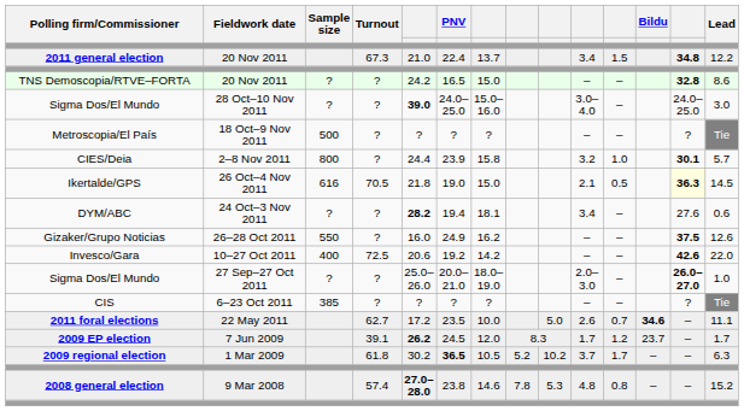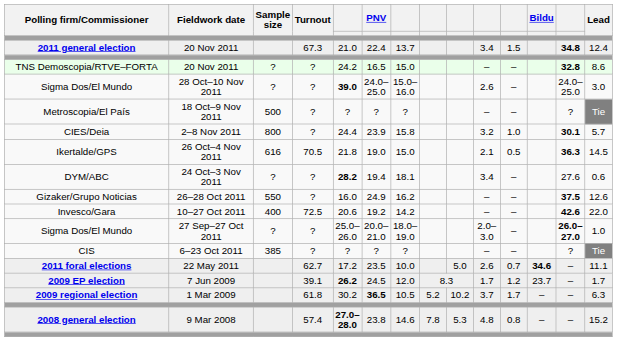 <table class="wikitable collapsible collapsed" style="text-align:center; font-size:95%; line-height:16px;">
 <tr style="height:42px;">
 <th style="width:250px;" rowspan="2">Polling firm/Commissioner</th>
 <th style="width:125px;" rowspan="2">Fieldwork date</th>
 <th style="width:50px;" rowspan="2">Sample size</th>
 <th style="width:45px;" rowspan="2">Turnout</th>
 <th style="width:35px;"></th>
 <th style="width:35px;"><a href='#'>PNV</a></th>
 <th style="width:35px;"></th>
 <th style="width:35px;"></th>
 <th style="width:35px;"></th>
 <th style="width:35px;"></th>
 <th style="width:35px;"></th>
 <th style="width:35px;"><a href='#'>Bildu</a></th>
 <th style="width:35px;"></th>
 <th style="width:30px;" rowspan="2">Lead</th>
 </tr>
 <tr>
 <th style="color:inherit;background:"></th>
 <th style="color:inherit;background:"></th>
 <th style="color:inherit;background:"></th>
 <th style="color:inherit;background:"></th>
 <th style="color:inherit;background:"></th>
 <th style="color:inherit;background:"></th>
 <th style="color:inherit;background:"></th>
 <th style="color:inherit;background:"></th>
 <th style="color:inherit;background:"></th>
 </tr>
 <tr>
 <td colspan="14" style="background:#A0A0A0"></td>
 </tr>
 <tr style="background:#EFEFEF;">
 <td><strong><a href='#'>2011 general election</a></strong></td>
 <td>20 Nov 2011</td>
 <td></td>
 <td>67.3</td>
 <td>21.0<br></td>
 <td>22.4<br></td>
 <td>13.7<br></td>
 <td></td>
 <td></td>
 <td>3.4<br></td>
 <td>1.5<br></td>
 <td></td>
 <td><strong>34.8</strong><br></td>
-<td style="background:">12.2</td>
+<td style="background:">12.4</td>
 </tr>
 <tr>
 <td colspan="14" style="background:#A0A0A0"></td>
 </tr>
 <tr style="background:#EAFFEA;">
 <td>TNS Demoscopia/RTVE–FORTA</td>
 <td>20 Nov 2011</td>
 <td>?</td>
 <td>?</td>
 <td>24.2<br></td>
 <td>16.5<br></td>
 <td>15.0<br></td>
 <td></td>
 <td></td>
 <td>–</td>
 <td>–</td>
 <td></td>
 <td><strong>32.8</strong><br></td>
 <td style="background:">8.6</td>
 </tr>
 <tr>
 <td>Sigma Dos/El Mundo</td>
 <td>28 Oct–10 Nov 2011</td>
 <td>?</td>
 <td>?</td>
 <td><strong>39.0</strong><br></td>
 <td>24.0–<br>25.0<br></td>
 <td>15.0–<br>16.0<br></td>
 <td></td>
 <td></td>
-<td>3.0–<br>4.0<br></td>
+<td>2.6<br></td>
 <td>–</td>
 <td></td>
 <td>24.0–<br>25.0<br></td>
 <td style="background:">3.0</td>
 </tr>
 <tr>
 <td>Metroscopia/El País</td>
 <td>18 Oct–9 Nov 2011</td>
 <td>500</td>
 <td>?</td>
 <td>?<br></td>
 <td>?<br></td>
 <td>?<br></td>
 <td></td>
 <td></td>
 <td>–</td>
 <td>–</td>
 <td></td>
 <td>?<br></td>
 <td style="background:gray; color:white;">Tie</td>
 </tr>
 <tr>
 <td>CIES/Deia</td>
 <td>2–8 Nov 2011</td>
 <td>800</td>
 <td>?</td>
 <td>24.4<br></td>
 <td>23.9<br></td>
 <td>15.8<br></td>
 <td></td>
 <td></td>
 <td>3.2<br></td>
 <td>1.0<br></td>
 <td></td>
 <td><strong>30.1</strong><br></td>
 <td style="background:">5.7</td>
 </tr>
 <tr>
 <td>Ikertalde/GPS</td>
 <td>26 Oct–4 Nov 2011</td>
 <td>616</td>
 <td>70.5</td>
 <td>21.8<br></td>
 <td>19.0<br></td>
 <td>15.0<br></td>
 <td></td>
 <td></td>
 <td>2.1<br></td>
 <td>0.5<br></td>
 <td></td>
-<td style="background: lightyellow;"><strong>36.3</strong><br></td>
+<td><strong>36.3</strong><br></td>
 <td style="background:">14.5</td>
 </tr>
 <tr>
 <td>DYM/ABC</td>
 <td>24 Oct–3 Nov 2011</td>
 <td>?</td>
 <td>?</td>
 <td><strong>28.2</strong><br></td>
 <td>19.4<br></td>
 <td>18.1<br></td>
 <td></td>
 <td></td>
 <td>3.4<br></td>
 <td>–</td>
 <td></td>
 <td>27.6<br></td>
 <td style="background:">0.6</td>
 </tr>
 <tr>
 <td>Gizaker/Grupo Noticias</td>
 <td>26–28 Oct 2011</td>
 <td>550</td>
 <td>?</td>
 <td>16.0<br></td>
 <td>24.9<br></td>
 <td>16.2<br></td>
 <td></td>
 <td></td>
 <td>–</td>
 <td>–</td>
 <td></td>
 <td><strong>37.5</strong><br></td>
 <td style="background:">12.6</td>
 </tr>
 <tr>
 <td>Invesco/Gara</td>
 <td>10–27 Oct 2011</td>
 <td>400</td>
 <td>72.5</td>
 <td>20.6<br></td>
 <td>19.2<br></td>
 <td>14.2<br></td>
 <td></td>
 <td></td>
 <td>–</td>
 <td>–</td>
 <td></td>
 <td><strong>42.6</strong><br></td>
 <td style="background:">22.0</td>
 </tr>
 <tr>
 <td>Sigma Dos/El Mundo</td>
 <td>27 Sep–27 Oct 2011</td>
 <td>?</td>
 <td>?</td>
 <td>25.0–<br>26.0<br></td>
 <td>20.0–<br>21.0<br></td>
 <td>18.0–<br>19.0<br></td>
 <td></td>
 <td></td>
 <td>2.0–<br>3.0<br></td>
 <td>–</td>
 <td></td>
 <td><strong>26.0–<br>27.0</strong><br></td>
 <td style="background:">1.0</td>
 </tr>
 <tr>
 <td>CIS</td>
 <td>6–23 Oct 2011</td>
 <td>385</td>
 <td>?</td>
 <td>?<br></td>
 <td>?<br></td>
 <td>?<br></td>
 <td></td>
 <td></td>
 <td>–</td>
 <td>–</td>
 <td></td>
 <td>?<br></td>
 <td style="background:gray; color:white;">Tie</td>
 </tr>
 <tr style="background:#EFEFEF;">
 <td><strong><a href='#'>2011 foral elections</a></strong></td>
 <td>22 May 2011</td>
 <td></td>
 <td>62.7</td>
 <td>17.2<br></td>
 <td>23.5<br></td>
 <td>10.0<br></td>
 <td></td>
 <td>5.0<br></td>
 <td>2.6<br></td>
 <td>0.7<br></td>
 <td><strong>34.6</strong><br></td>
 <td>–</td>
 <td style="background:">11.1</td>
 </tr>
 <tr style="background:#EFEFEF;">
 <td><strong><a href='#'>2009 EP election</a></strong></td>
 <td>7 Jun 2009</td>
 <td></td>
 <td>39.1</td>
 <td><strong>26.2</strong><br></td>
 <td>24.5<br></td>
 <td>12.0<br></td>
 <td colspan="2">8.3<br></td>
 <td>1.7<br></td>
 <td>1.2<br></td>
 <td>23.7<br></td>
 <td>–</td>
 <td style="background:">1.7</td>
 </tr>
 <tr style="background:#EFEFEF;">
 <td><strong><a href='#'>2009 regional election</a></strong></td>
 <td>1 Mar 2009</td>
 <td></td>
 <td>61.8</td>
 <td>30.2<br></td>
 <td><strong>36.5</strong><br></td>
 <td>10.5<br></td>
 <td>5.2<br></td>
 <td>10.2<br></td>
 <td>3.7<br></td>
 <td>1.7<br></td>
 <td>–</td>
 <td>–</td>
 <td style="background:">6.3</td>
 </tr>
 <tr>
 <td colspan="14" style="background:#A0A0A0"></td>
 </tr>
 <tr style="background:#EFEFEF;">
 <td><strong><a href='#'>2008 general election</a></strong></td>
 <td>9 Mar 2008</td>
 <td></td>
 <td>57.4</td>
 <td><strong>27.0–<br>28.0</strong><br></td>
 <td>23.8<br></td>
 <td>14.6<br></td>
 <td>7.8<br></td>
 <td>5.3<br></td>
 <td>4.8<br></td>
 <td>0.8<br></td>
 <td>–</td>
 <td>–</td>
 <td style="background:">15.2</td>
 </tr>
 <tr>
 <td colspan="14" style="background:#A0A0A0"></td>
 </tr>
 </table>
